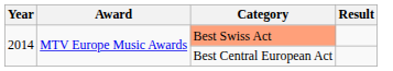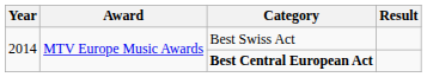 <table class="wikitable">
 <tr>
 <th>Year</th>
 <th>Award</th>
 <th>Category</th>
 <th>Result</th>
 </tr>
 <tr>
 <td rowspan=2>2014</td>
 <td rowspan=2><a href='#'>MTV Europe Music Awards</a></td>
-<td style="background: lightsalmon;">Best Swiss Act</td>
+<td>Best Swiss Act</td>
 <td></td>
 </tr>
 <tr>
-<td>Best Central European Act</td>
+<td><strong>Best Central European Act</strong></td>
 <td></td>
 </tr>
 </table>
